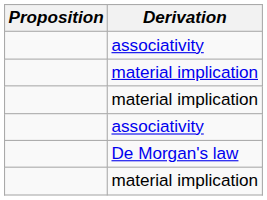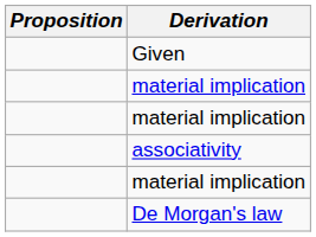 <table class="wikitable">
 <tr>
 <th><em>Proposition</em></th>
 <th><em>Derivation</em></th>
 </tr>
 <tr>
 <td></td>
-<td><a href='#'>associativity</a></td>
+<td>Given</td>
 </tr>
 <tr>
 <td></td>
 <td><a href='#'>material implication</a></td>
 </tr>
 <tr>
 <td></td>
 <td>material implication</td>
 </tr>
 <tr>
 <td></td>
 <td><a href='#'>associativity</a></td>
 </tr>
 <tr>
 <td></td>
-<td><a href='#'>De Morgan's law</a></td>
+<td>material implication</td>
 </tr>
 <tr>
 <td></td>
-<td>material implication</td>
+<td><a href='#'>De Morgan's law</a></td>
 </tr>
 </table>
